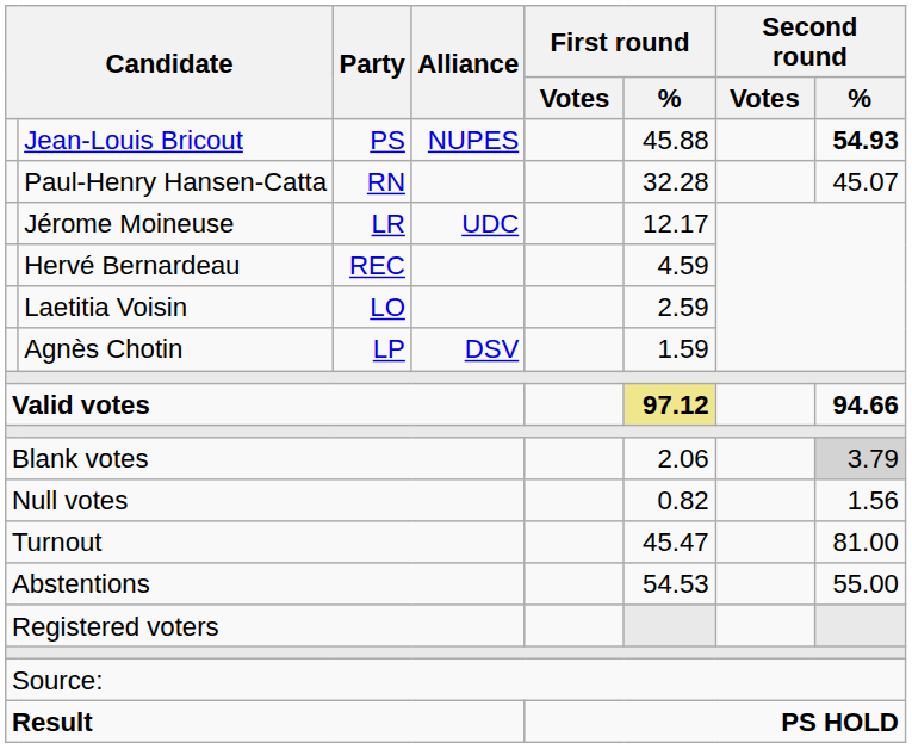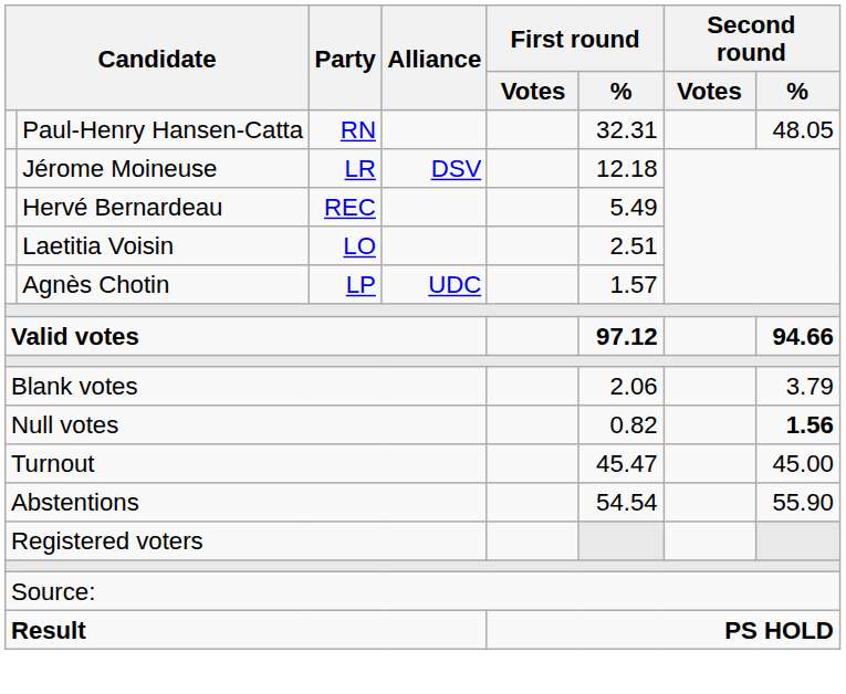 <table class="wikitable" style="text-align:right;font-size:95%;">
 <tr>
 <th colspan="2" rowspan="2">Candidate</th>
 <th colspan="1" rowspan="2">Party</th>
 <th colspan="1" rowspan="2">Alliance</th>
 <th colspan="2">First round</th>
 <th colspan="2">Second round</th>
 </tr>
 <tr>
 <th style="width:50px;">Votes</th>
 <th style="width:45px;">%</th>
 <th style="width:50px;">Votes</th>
 <th style="width:45px;">%</th>
 </tr>
 <tr>
 <td style="color:inherit;background:"></td>
-<td style="text-align:left;"><a href='#'>Jean-Louis Bricout</a></td>
-<td><a href='#'>PS</a></td>
-<td><a href='#'>NUPES</a></td>
-<td></td>
-<td>45.88</td>
-<td><strong></strong></td>
-<td><strong>54.93</strong></td>
-</tr>
-<tr>
-<td style="color:inherit;background:"></td>
 <td style="text-align:left;">Paul-Henry Hansen-Catta</td>
 <td><a href='#'>RN</a></td>
 <td></td>
 <td></td>
-<td>32.28</td>
+<td>32.31</td>
 <td></td>
-<td>45.07</td>
+<td>48.05</td>
 </tr>
 <tr>
 <td style="color:inherit;background:"></td>
 <td style="text-align:left;">Jérome Moineuse</td>
 <td><a href='#'>LR</a></td>
-<td><a href='#'>UDC</a></td>
+<td><a href='#'>DSV</a></td>
 <td></td>
-<td>12.17</td>
+<td>12.18</td>
 </tr>
 <tr>
 <td style="color:inherit;background:"></td>
 <td style="text-align:left;">Hervé Bernardeau</td>
 <td><a href='#'>REC</a></td>
 <td></td>
 <td></td>
-<td>4.59</td>
+<td>5.49</td>
 </tr>
 <tr>
 <td style="color:inherit;background:"></td>
 <td style="text-align:left;">Laetitia Voisin</td>
 <td><a href='#'>LO</a></td>
 <td></td>
 <td></td>
-<td>2.59</td>
+<td>2.51</td>
 </tr>
 <tr>
 <td style="color:inherit;background:"></td>
 <td style="text-align:left;">Agnès Chotin</td>
 <td><a href='#'>LP</a></td>
-<td><a href='#'>DSV</a></td>
+<td><a href='#'>UDC</a></td>
 <td></td>
-<td>1.59</td>
+<td>1.57</td>
 </tr>
 <tr>
 <td colspan="8" style="background:#E9E9E9;"></td>
 </tr>
 <tr style="font-weight:bold;">
 <td colspan="4" style="text-align:left;">Valid votes</td>
 <td></td>
-<td style="background: khaki;">97.12</td>
+<td>97.12</td>
 <td></td>
 <td>94.66</td>
 </tr>
 <tr>
 <td colspan="8" style="background:#E9E9E9;"></td>
 </tr>
 <tr>
 <td colspan="4" style="text-align:left;">Blank votes</td>
 <td></td>
 <td>2.06</td>
 <td></td>
-<td style="background: lightgrey;">3.79</td>
+<td>3.79</td>
 </tr>
 <tr>
 <td colspan="4" style="text-align:left;">Null votes</td>
 <td></td>
 <td>0.82</td>
 <td></td>
-<td>1.56</td>
+<td><strong>1.56</strong></td>
 </tr>
 <tr>
 <td colspan="4" style="text-align:left;">Turnout</td>
 <td></td>
 <td>45.47</td>
 <td></td>
-<td>81.00</td>
+<td>45.00</td>
 </tr>
 <tr>
 <td colspan="4" style="text-align:left;">Abstentions</td>
 <td></td>
-<td>54.53</td>
+<td>54.54</td>
 <td></td>
-<td>55.00</td>
+<td>55.90</td>
 </tr>
 <tr>
 <td colspan="4" style="text-align:left;">Registered voters</td>
 <td></td>
 <td style="background:#E9E9E9;"></td>
 <td></td>
 <td style="background:#E9E9E9;"></td>
 </tr>
 <tr>
 <td colspan="8" style="background:#E9E9E9;"></td>
 </tr>
 <tr>
 <td colspan="8" style="text-align:left;">Source: </td>
 </tr>
 <tr style="font-weight:bold">
 <td colspan="4" style="text-align:left;">Result</td>
 <td colspan="4" style="background-color:">PS HOLD</td>
 </tr>
 </table>
